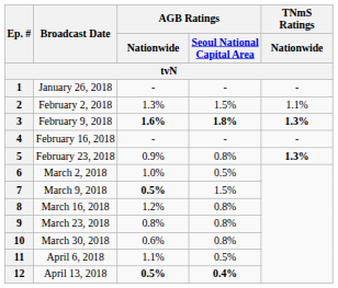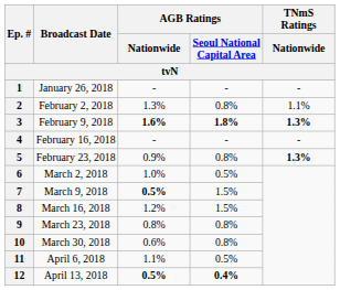 <table class="wikitable" style="text-align:center;">
 <tr>
 <th rowspan=2>Ep. #</th>
 <th rowspan=2>Broadcast Date</th>
 <th colspan="2">AGB Ratings</th>
 <th>TNmS Ratings</th>
 </tr>
 <tr>
 <th width=100>Nationwide</th>
 <th width=100><a href='#'>Seoul National Capital Area</a></th>
 <th width=100>Nationwide</th>
 </tr>
 <tr>
 <th colspan="5">tvN</th>
 </tr>
 <tr>
 <th>1</th>
 <td>January 26, 2018</td>
 <td>-</td>
 <td>-</td>
 <td>-</td>
 </tr>
 <tr>
 <th>2</th>
 <td>February 2, 2018</td>
 <td>1.3%</td>
-<td>1.5%</td>
+<td>0.8%</td>
 <td>1.1%</td>
 </tr>
 <tr>
 <th>3</th>
 <td>February 9, 2018</td>
 <td><span><strong>1.6%</strong></span></td>
 <td><span><strong>1.8%</strong></span></td>
 <td><span><strong>1.3%</strong></span></td>
 </tr>
 <tr>
 <th>4</th>
 <td>February 16, 2018</td>
 <td>-</td>
 <td>-</td>
 <td>-</td>
 </tr>
 <tr>
 <th>5</th>
 <td>February 23, 2018</td>
 <td>0.9%</td>
 <td>0.8%</td>
 <td><span><strong>1.3%</strong></span></td>
 </tr>
 <tr>
 <th>6</th>
 <td>March 2, 2018</td>
 <td>1.0%</td>
 <td>0.5%</td>
 </tr>
 <tr>
 <th>7</th>
 <td>March 9, 2018</td>
 <td><span><strong>0.5%</strong></span></td>
 <td>1.5%</td>
 </tr>
 <tr>
 <th>8</th>
 <td>March 16, 2018</td>
 <td>1.2%</td>
-<td>0.8%</td>
+<td>1.5%</td>
 </tr>
 <tr>
 <th>9</th>
 <td>March 23, 2018</td>
 <td>0.8%</td>
 <td>0.8%</td>
 </tr>
 <tr>
 <th>10</th>
 <td>March 30, 2018</td>
 <td>0.6%</td>
 <td>0.8%</td>
 </tr>
 <tr>
 <th>11</th>
 <td>April 6, 2018</td>
 <td>1.1%</td>
 <td>0.5%</td>
 </tr>
 <tr>
 <th>12</th>
 <td>April 13, 2018</td>
 <td><span><strong>0.5%</strong></span></td>
 <td><span><strong>0.4%</strong></span></td>
 </tr>
 </table>
